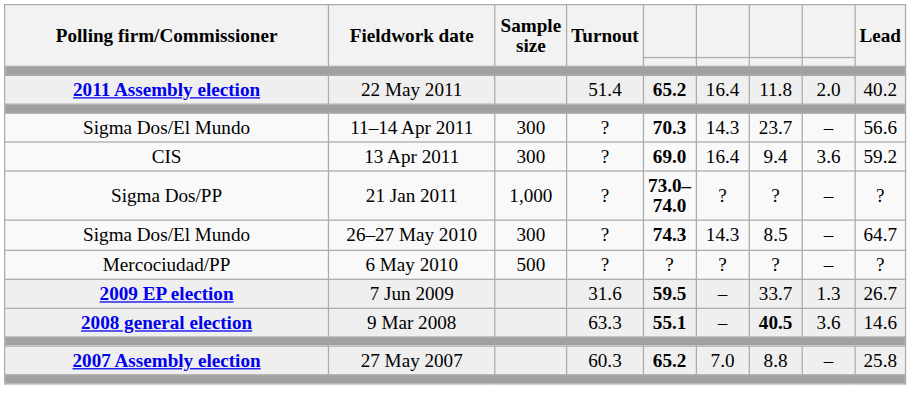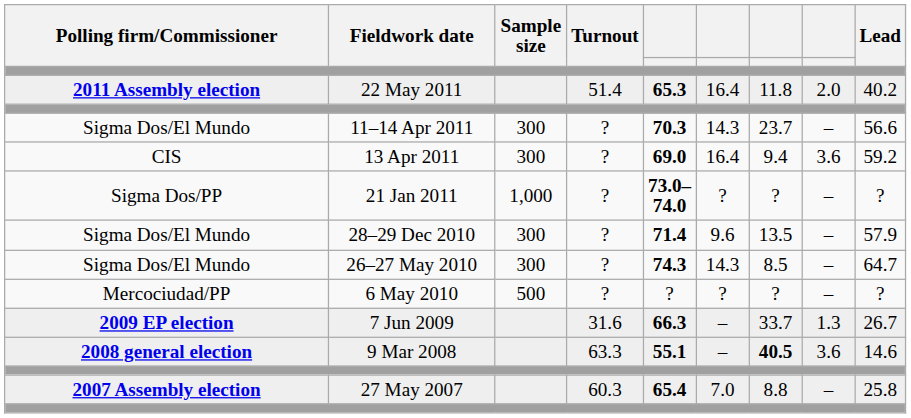 <table class="wikitable collapsible collapsed" style="text-align:center; font-size:95%; line-height:16px;">
 <tr style="height:42px;">
 <th style="width:250px;" rowspan="2">Polling firm/Commissioner</th>
 <th style="width:125px;" rowspan="2">Fieldwork date</th>
 <th style="width:50px;" rowspan="2">Sample size</th>
 <th style="width:45px;" rowspan="2">Turnout</th>
 <th style="width:35px;"></th>
 <th style="width:35px;"></th>
 <th style="width:35px;"></th>
 <th style="width:35px;"></th>
 <th style="width:30px;" rowspan="2">Lead</th>
 </tr>
 <tr>
 <th style="color:inherit;background:"></th>
 <th style="color:inherit;background:"></th>
 <th style="color:inherit;background:"></th>
 <th style="color:inherit;background:"></th>
 </tr>
 <tr>
 <td colspan="9" style="background:#A0A0A0"></td>
 </tr>
 <tr style="background:#EFEFEF;">
 <td><strong><a href='#'>2011 Assembly election</a></strong></td>
 <td>22 May 2011</td>
 <td></td>
 <td>51.4</td>
-<td><strong>65.2</strong><br></td>
+<td><strong>65.3</strong><br></td>
 <td>16.4<br></td>
 <td>11.8<br></td>
 <td>2.0<br></td>
 <td style="background:">40.2</td>
 </tr>
 <tr>
 <td colspan="9" style="background:#A0A0A0"></td>
 </tr>
 <tr>
 <td>Sigma Dos/El Mundo</td>
 <td>11–14 Apr 2011</td>
 <td>300</td>
 <td>?</td>
 <td><strong>70.3</strong><br></td>
 <td>14.3<br></td>
 <td>23.7<br></td>
 <td>–</td>
 <td style="background:">56.6</td>
 </tr>
 <tr>
 <td>CIS</td>
 <td>13 Apr 2011</td>
 <td>300</td>
 <td>?</td>
 <td><strong>69.0</strong><br></td>
 <td>16.4<br></td>
 <td>9.4<br></td>
 <td>3.6<br></td>
 <td style="background:">59.2</td>
 </tr>
 <tr>
 <td>Sigma Dos/PP</td>
 <td>21 Jan 2011</td>
 <td>1,000</td>
 <td>?</td>
 <td><strong>73.0–<br>74.0</strong><br></td>
 <td>?<br></td>
 <td>?<br></td>
 <td>–</td>
 <td style="background:">?</td>
 </tr>
 <tr>
 <td>Sigma Dos/El Mundo</td>
+<td>28–29 Dec 2010</td>
+<td>300</td>
+<td>?</td>
+<td><strong>71.4</strong><br></td>
+<td>9.6<br></td>
+<td>13.5<br></td>
+<td>–</td>
+<td style="background:">57.9</td>
+</tr>
+<tr>
+<td>Sigma Dos/El Mundo</td>
 <td>26–27 May 2010</td>
 <td>300</td>
 <td>?</td>
 <td><strong>74.3</strong><br></td>
 <td>14.3<br></td>
 <td>8.5<br></td>
 <td>–</td>
 <td style="background:">64.7</td>
 </tr>
 <tr>
 <td>Mercociudad/PP</td>
 <td>6 May 2010</td>
 <td>500</td>
 <td>?</td>
 <td>?<br></td>
 <td>?<br></td>
 <td>?<br></td>
 <td>–</td>
 <td style="background:">?</td>
 </tr>
 <tr style="background:#EFEFEF;">
 <td><strong><a href='#'>2009 EP election</a></strong></td>
 <td>7 Jun 2009</td>
 <td></td>
 <td>31.6</td>
-<td><strong>59.5</strong><br></td>
+<td><strong>66.3</strong><br></td>
 <td>–</td>
 <td>33.7<br></td>
 <td>1.3<br></td>
 <td style="background:">26.7</td>
 </tr>
 <tr style="background:#EFEFEF;">
 <td><strong><a href='#'>2008 general election</a></strong></td>
 <td>9 Mar 2008</td>
 <td></td>
 <td>63.3</td>
 <td><strong>55.1</strong><br></td>
 <td>–</td>
 <td><strong>40.5<br></strong></td>
 <td>3.6<br></td>
 <td style="background:">14.6</td>
 </tr>
 <tr>
 <td colspan="9" style="background:#A0A0A0"></td>
 </tr>
 <tr style="background:#EFEFEF;">
 <td><strong><a href='#'>2007 Assembly election</a></strong></td>
 <td>27 May 2007</td>
 <td></td>
 <td>60.3</td>
-<td><strong>65.2</strong><br></td>
+<td><strong>65.4</strong><br></td>
 <td>7.0<br></td>
 <td>8.8<br></td>
 <td>–</td>
 <td style="background:">25.8</td>
 </tr>
 <tr>
 <td colspan="9" style="background:#A0A0A0"></td>
 </tr>
 </table>
